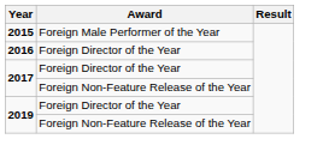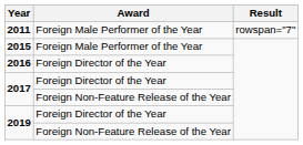 <table class="wikitable">
 <tr>
 <th>Year</th>
 <th>Award</th>
 <th>Result</th>
+</tr>
+<tr>
+<td><strong>2011</strong></td>
+<td>Foreign Male Performer of the Year</td>
+<td>rowspan="7" </td>
 </tr>
 <tr>
 <td><strong>2015</strong></td>
 <td>Foreign Male Performer of the Year</td>
 </tr>
 <tr>
 <td><strong>2016</strong></td>
 <td>Foreign Director of the Year</td>
 </tr>
 <tr>
 <td rowspan="2"><strong>2017</strong></td>
 <td>Foreign Director of the Year</td>
 </tr>
 <tr>
 <td>Foreign Non-Feature Release of the Year</td>
 </tr>
 <tr>
 <td rowspan="2"><strong>2019</strong></td>
 <td>Foreign Director of the Year</td>
 </tr>
 <tr>
 <td>Foreign Non-Feature Release of the Year</td>
 </tr>
 </table>
